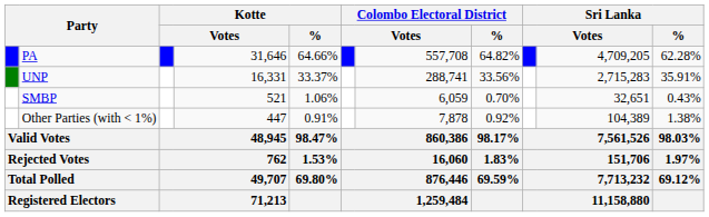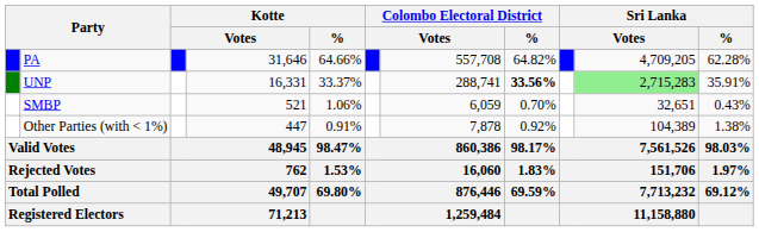 <table class="wikitable">
 <tr>
 <th colspan="2" width="144px"rowspan="2">Party</th>
 <th colspan="3" width="216px">Kotte</th>
 <th colspan="3" width="216px"><a href='#'>Colombo Electoral District</a></th>
 <th colspan="3" width="216px">Sri Lanka</th>
 </tr>
 <tr>
 <th colspan="2" width="144px">Votes</th>
 <th>%</th>
 <th colspan="2" width="144px">Votes</th>
 <th>%</th>
 <th colspan="2" width="144px">Votes</th>
 <th>%</th>
 </tr>
 <tr>
 <td style="background-color:blue;" width="10px"></td>
 <td style="text-align:left;"><a href='#'>PA</a></td>
 <td style="background-color:blue;" width="10px"></td>
 <td style="text-align:right;">31,646</td>
 <td style="text-align:right;">64.66%</td>
 <td style="background-color:blue;" width="10px"></td>
 <td style="text-align:right;">557,708</td>
 <td style="text-align:right;">64.82%</td>
 <td style="background-color:blue;" width="10px"></td>
 <td style="text-align:right;">4,709,205</td>
 <td style="text-align:right;">62.28%</td>
 </tr>
 <tr>
 <td style="background-color:green;" width="10px"></td>
 <td style="text-align:left;"><a href='#'>UNP</a></td>
 <td style="background-color:white;" width="10px"></td>
 <td style="text-align:right;">16,331</td>
 <td style="text-align:right;">33.37%</td>
 <td style="background-color:white;" width="10px"></td>
 <td style="text-align:right;">288,741</td>
-<td style="text-align:right;">33.56%</td>
+<td style="text-align:right;"><strong>33.56%</strong></td>
 <td style="background-color:white;" width="10px"></td>
-<td style="text-align:right;">2,715,283</td>
+<td style="background: lightgreen; text-align:right;">2,715,283</td>
 <td style="text-align:right;">35.91%</td>
 </tr>
 <tr>
 <td style="background-color:white;" width="10px"></td>
 <td style="text-align:left;"><a href='#'>SMBP</a></td>
 <td style="background-color:white;" width="10px"></td>
 <td style="text-align:right;">521</td>
 <td style="text-align:right;">1.06%</td>
 <td style="background-color:white;" width="10px"></td>
 <td style="text-align:right;">6,059</td>
 <td style="text-align:right;">0.70%</td>
 <td style="background-color:white;" width="10px"></td>
 <td style="text-align:right;">32,651</td>
 <td style="text-align:right;">0.43%</td>
 </tr>
 <tr>
 <td style="background-color:white;" width="10px"></td>
 <td style="text-align:left;">Other Parties (with < 1%)</td>
 <td style="background-color:white;" width="10px"></td>
 <td style="text-align:right;">447</td>
 <td style="text-align:right;">0.91%</td>
 <td style="background-color:white;" width="10px"></td>
 <td style="text-align:right;">7,878</td>
 <td style="text-align:right;">0.92%</td>
 <td style="background-color:white;" width="10px"></td>
 <td style="text-align:right;">104,389</td>
 <td style="text-align:right;">1.38%</td>
 </tr>
 <tr>
 <th colspan="2" width="144px"style="text-align:left;">Valid Votes</th>
 <th style="text-align:right;"colspan="2" width="144px">48,945</th>
 <th style="text-align:right;">98.47%</th>
 <th style="text-align:right;"colspan="2" width="144px">860,386</th>
 <th style="text-align:right;">98.17%</th>
 <th style="text-align:right;"colspan="2" width="144px">7,561,526</th>
 <th style="text-align:right;">98.03%</th>
 </tr>
 <tr>
 <th colspan="2" width="144px"style="text-align:left;">Rejected Votes</th>
 <th style="text-align:right;"colspan="2" width="144px">762</th>
 <th style="text-align:right;">1.53%</th>
 <th style="text-align:right;"colspan="2" width="144px">16,060</th>
 <th style="text-align:right;">1.83%</th>
 <th style="text-align:right;"colspan="2" width="144px">151,706</th>
 <th style="text-align:right;">1.97%</th>
 </tr>
 <tr>
 <th colspan="2" width="144px"style="text-align:left;">Total Polled</th>
 <th style="text-align:right;"colspan="2" width="144px">49,707</th>
 <th style="text-align:right;">69.80%</th>
 <th style="text-align:right;"colspan="2" width="144px">876,446</th>
 <th style="text-align:right;">69.59%</th>
 <th style="text-align:right;"colspan="2" width="144px">7,713,232</th>
 <th style="text-align:right;">69.12%</th>
 </tr>
 <tr>
 <th colspan="2" width="144px"style="text-align:left;">Registered Electors</th>
 <th style="text-align:right;"colspan="2" width="144px">71,213</th>
 <th></th>
 <th style="text-align:right;"colspan="2" width="144px">1,259,484</th>
 <th></th>
 <th style="text-align:right;"colspan="2" width="144px">11,158,880</th>
 <th></th>
 </tr>
 </table>
